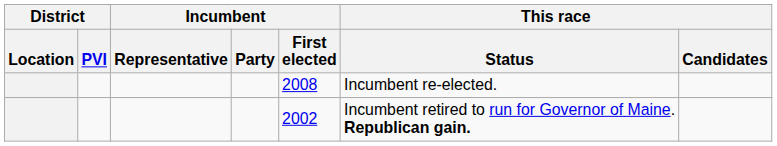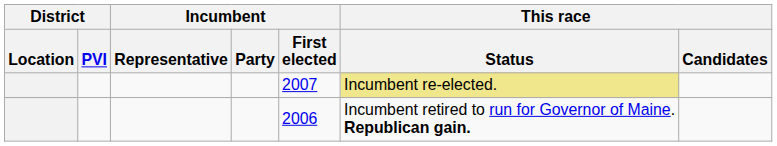 <table class="wikitable sortable">
 <tr valign=bottom>
 <th colspan=2>District</th>
 <th colspan=3>Incumbent</th>
 <th colspan=2>This race</th>
 </tr>
 <tr valign=bottom>
 <th>Location</th>
 <th><a href='#'>PVI</a></th>
 <th>Representative</th>
 <th>Party</th>
 <th>First<br>elected</th>
 <th>Status</th>
 <th>Candidates</th>
 </tr>
 <tr>
 <th></th>
 <td></td>
 <td></td>
 <td></td>
-<td><a href='#'>2008</a></td>
-<td>Incumbent re-elected.</td>
+<td><a href='#'>2007</a></td>
+<td style="background: khaki;">Incumbent re-elected.</td>
 <td nowrap></td>
 </tr>
 <tr>
 <th></th>
 <td></td>
 <td></td>
 <td></td>
-<td><a href='#'>2002</a></td>
+<td><a href='#'>2006</a></td>
 <td>Incumbent retired to <a href='#'>run for Governor of Maine</a>.<br><strong>Republican gain.</strong></td>
 <td nowrap></td>
 </tr>
 </table>
